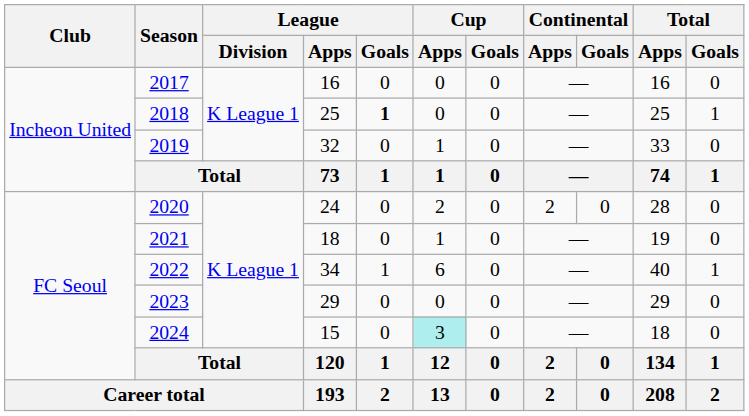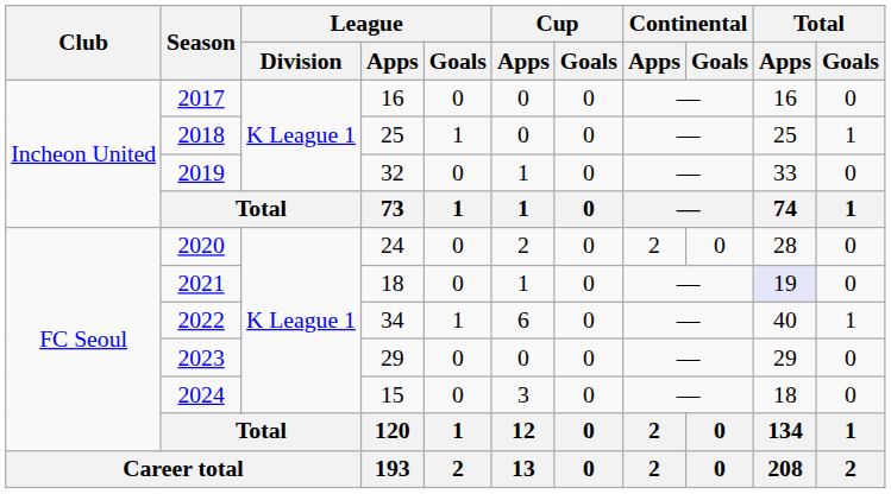 <table class="wikitable" style="text-align:center">
 <tr>
 <th rowspan=2>Club</th>
 <th rowspan=2>Season</th>
 <th colspan=3>League</th>
 <th colspan=2>Cup</th>
 <th colspan=2>Continental</th>
 <th colspan=2>Total</th>
 </tr>
 <tr>
 <th>Division</th>
 <th>Apps</th>
 <th>Goals</th>
 <th>Apps</th>
 <th>Goals</th>
 <th>Apps</th>
 <th>Goals</th>
 <th>Apps</th>
 <th>Goals</th>
 </tr>
 <tr>
 <td rowspan="4"><a href='#'>Incheon United</a></td>
 <td><a href='#'>2017</a></td>
 <td rowspan="3"><a href='#'>K League 1</a></td>
 <td>16</td>
 <td>0</td>
 <td>0</td>
 <td>0</td>
 <td colspan="2">—</td>
 <td>16</td>
 <td>0</td>
 </tr>
 <tr>
 <td><a href='#'>2018</a></td>
 <td>25</td>
-<td><strong>1</strong></td>
+<td>1</td>
 <td>0</td>
 <td>0</td>
 <td colspan="2">—</td>
 <td>25</td>
 <td>1</td>
 </tr>
 <tr>
 <td><a href='#'>2019</a></td>
 <td>32</td>
 <td>0</td>
 <td>1</td>
 <td>0</td>
 <td colspan="2">—</td>
 <td>33</td>
 <td>0</td>
 </tr>
 <tr>
 <th colspan=2>Total</th>
 <th>73</th>
 <th>1</th>
 <th>1</th>
 <th>0</th>
 <th colspan="2">—</th>
 <th>74</th>
 <th>1</th>
 </tr>
 <tr>
 <td rowspan="6"><a href='#'>FC Seoul</a></td>
 <td><a href='#'>2020</a></td>
 <td rowspan="5"><a href='#'>K League 1</a></td>
 <td>24</td>
 <td>0</td>
 <td>2</td>
 <td>0</td>
 <td>2</td>
 <td>0</td>
 <td>28</td>
 <td>0</td>
 </tr>
 <tr>
 <td><a href='#'>2021</a></td>
 <td>18</td>
 <td>0</td>
 <td>1</td>
 <td>0</td>
 <td colspan="2">—</td>
-<td>19</td>
+<td style="background: lavender;">19</td>
 <td>0</td>
 </tr>
 <tr>
 <td><a href='#'>2022</a></td>
 <td>34</td>
 <td>1</td>
 <td>6</td>
 <td>0</td>
 <td colspan="2">—</td>
 <td>40</td>
 <td>1</td>
 </tr>
 <tr>
 <td><a href='#'>2023</a></td>
 <td>29</td>
 <td>0</td>
 <td>0</td>
 <td>0</td>
 <td colspan="2">—</td>
 <td>29</td>
 <td>0</td>
 </tr>
 <tr>
 <td><a href='#'>2024</a></td>
 <td>15</td>
 <td>0</td>
-<td style="background: paleturquoise;">3</td>
+<td>3</td>
 <td>0</td>
 <td colspan="2">—</td>
 <td>18</td>
 <td>0</td>
 </tr>
 <tr>
 <th colspan=2>Total</th>
 <th>120</th>
 <th>1</th>
 <th>12</th>
 <th>0</th>
 <th>2</th>
 <th>0</th>
 <th>134</th>
 <th>1</th>
 </tr>
 <tr>
 <th colspan=3>Career total</th>
 <th>193</th>
 <th>2</th>
 <th>13</th>
 <th>0</th>
 <th>2</th>
 <th>0</th>
 <th>208</th>
 <th>2</th>
 </tr>
 </table>
